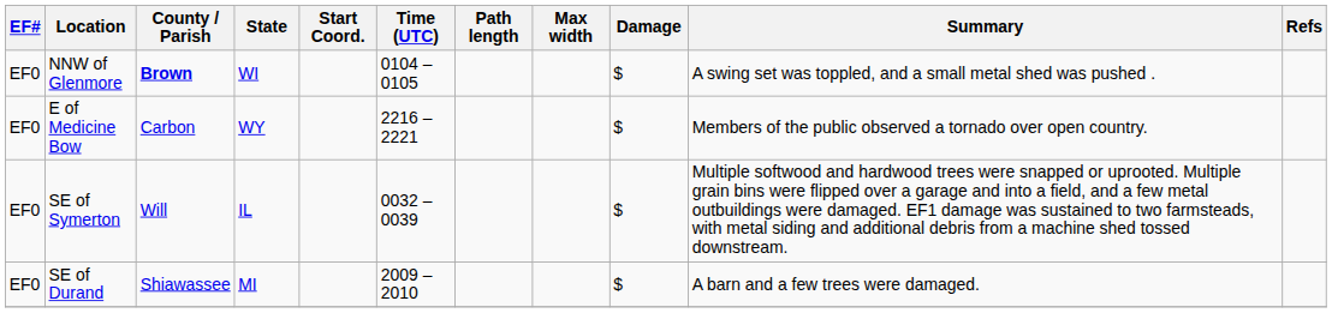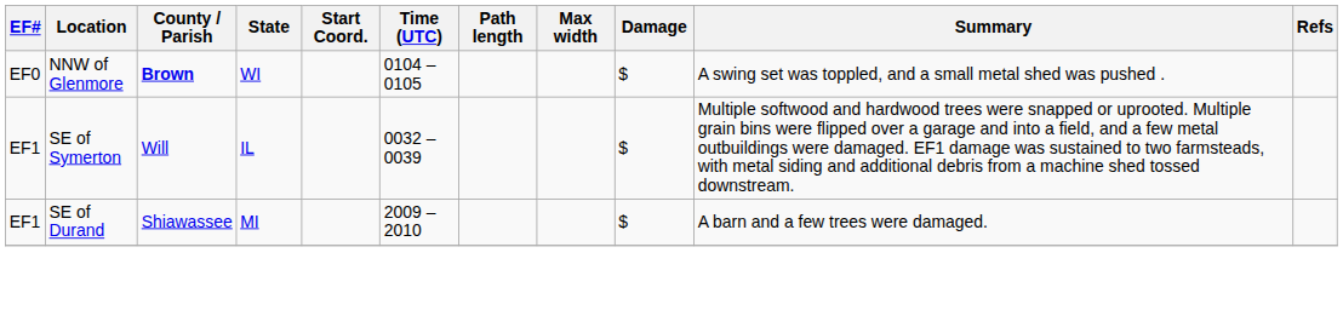 <table class="wikitable sortable" style="width:100%;">
 <tr>
 <th scope="col" width="3%" align="center"><a href='#'>EF#</a></th>
 <th scope="col" width="7%" align="center" class="unsortable">Location</th>
 <th scope="col" width="6%" align="center" class="unsortable">County / Parish</th>
 <th scope="col" width="5%" align="center">State</th>
 <th scope="col" width="6%" align="center">Start Coord.</th>
 <th scope="col" width="6%" align="center">Time (<a href='#'>UTC</a>)</th>
 <th scope="col" width="6%" align="center">Path length</th>
 <th scope="col" width="6%" align="center">Max width</th>
 <th scope="col" width="6%" align="center">Damage</th>
 <th scope="col" width="48%" class="unsortable" align="center">Summary</th>
 <th scope="col" width="48%" class="unsortable" align="center">Refs</th>
 </tr>
 <tr>
 <td>EF0</td>
 <td>NNW of <a href='#'>Glenmore</a></td>
 <td><strong><a href='#'>Brown</a></strong></td>
 <td><a href='#'>WI</a></td>
 <td></td>
 <td>0104 – 0105</td>
 <td></td>
 <td></td>
 <td>$</td>
 <td>A swing set was toppled, and a small metal shed was pushed .</td>
 <td></td>
 </tr>
 <tr>
-<td>EF0</td>
-<td>E of <a href='#'>Medicine Bow</a></td>
-<td><a href='#'>Carbon</a></td>
-<td><a href='#'>WY</a></td>
-<td></td>
-<td>2216 – 2221</td>
-<td></td>
-<td></td>
-<td>$</td>
-<td>Members of the public observed a tornado over open country.</td>
-<td></td>
-</tr>
-<tr>
-<td>EF0</td>
+<td>EF1</td>
 <td>SE of <a href='#'>Symerton</a></td>
 <td><a href='#'>Will</a></td>
 <td><a href='#'>IL</a></td>
 <td></td>
 <td>0032 – 0039</td>
 <td></td>
 <td></td>
 <td>$</td>
 <td>Multiple softwood and hardwood trees were snapped or uprooted. Multiple grain bins were flipped over a garage and into a field, and a few metal outbuildings were damaged. EF1 damage was sustained to two farmsteads, with metal siding and additional debris from a machine shed tossed  downstream.</td>
 <td></td>
 </tr>
 <tr>
-<td>EF0</td>
+<td>EF1</td>
 <td>SE of <a href='#'>Durand</a></td>
 <td><a href='#'>Shiawassee</a></td>
 <td><a href='#'>MI</a></td>
 <td></td>
 <td>2009 – 2010</td>
 <td></td>
 <td></td>
 <td>$</td>
 <td>A barn and a few trees were damaged.</td>
 <td></td>
 </tr>
 <tr>
 </tr>
 </table>
